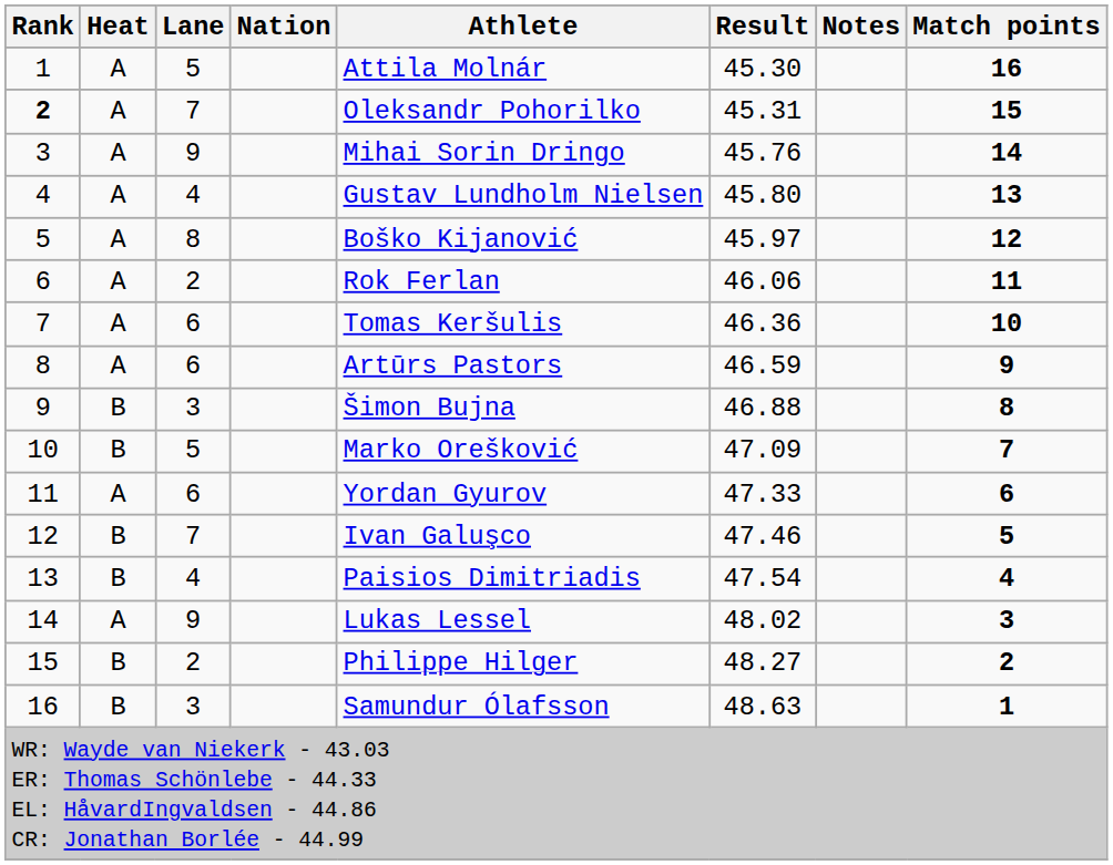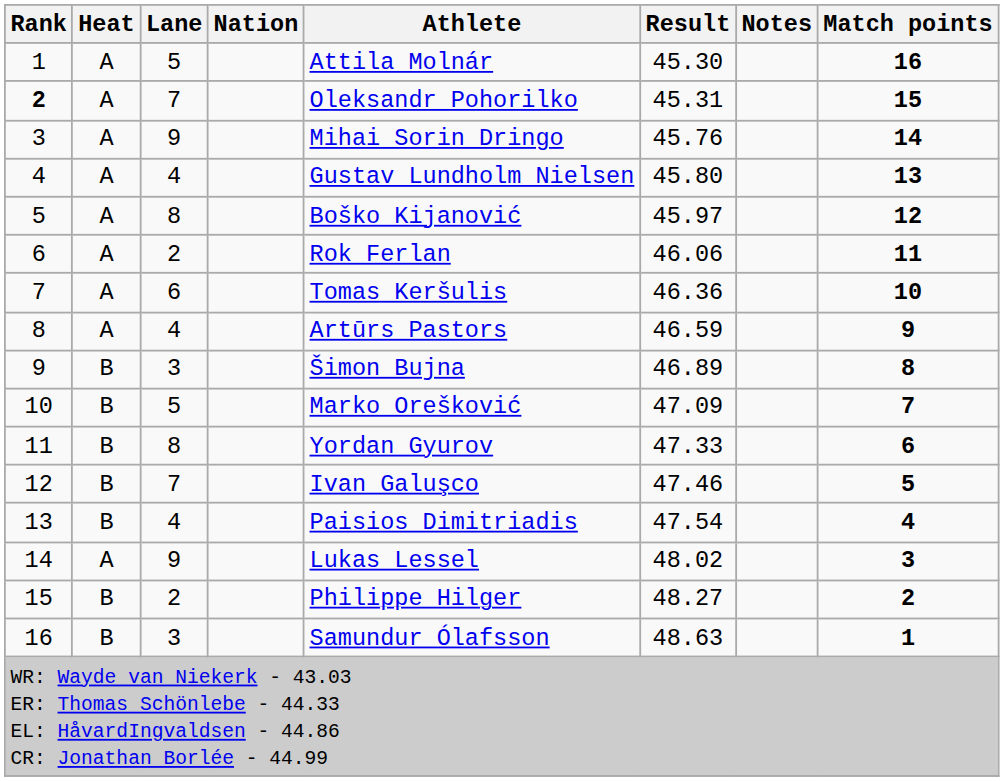 <table class="wikitable sortable" style="text-align:left;">
 <tr>
 <th>Rank</th>
 <th>Heat</th>
 <th>Lane</th>
 <th>Nation</th>
 <th>Athlete</th>
 <th>Result</th>
 <th>Notes</th>
 <th>Match points</th>
 </tr>
 <tr>
 <td align=center>1</td>
 <td align=center>A</td>
 <td align=center>5</td>
 <td></td>
 <td><a href='#'>Attila Molnár</a></td>
 <td align=center>45.30</td>
 <td align=center></td>
 <td align=center><strong>16</strong></td>
 </tr>
 <tr>
 <td align=center><strong>2</strong></td>
 <td align=center>A</td>
 <td align=center>7</td>
 <td></td>
 <td><a href='#'>Oleksandr Pohorilko</a></td>
 <td align=center>45.31</td>
 <td align=center></td>
 <td align=center><strong>15</strong></td>
 </tr>
 <tr>
 <td align=center>3</td>
 <td align=center>A</td>
 <td align=center>9</td>
 <td></td>
 <td><a href='#'>Mihai Sorin Dringo</a></td>
 <td align=center>45.76</td>
 <td align=center></td>
 <td align=center><strong>14</strong></td>
 </tr>
 <tr>
 <td align=center>4</td>
 <td align=center>A</td>
 <td align=center>4</td>
 <td></td>
 <td><a href='#'>Gustav Lundholm Nielsen</a></td>
 <td align=center>45.80</td>
 <td align=center></td>
 <td align=center><strong>13</strong></td>
 </tr>
 <tr>
 <td align=center>5</td>
 <td align=center>A</td>
 <td align=center>8</td>
 <td></td>
 <td><a href='#'>Boško Kijanović</a></td>
 <td align=center>45.97</td>
 <td></td>
 <td align=center><strong>12</strong></td>
 </tr>
 <tr>
 <td align=center>6</td>
 <td align=center>A</td>
 <td align=center>2</td>
 <td></td>
 <td><a href='#'>Rok Ferlan</a></td>
 <td align=center>46.06</td>
 <td align=center></td>
 <td align=center><strong>11</strong></td>
 </tr>
 <tr>
 <td align=center>7</td>
 <td align=center>A</td>
 <td align=center>6</td>
 <td></td>
 <td><a href='#'>Tomas Keršulis</a></td>
 <td align=center>46.36</td>
 <td></td>
 <td align=center><strong>10</strong></td>
 </tr>
 <tr>
 <td align=center>8</td>
 <td align=center>A</td>
-<td align=center>6</td>
+<td align=center>4</td>
 <td></td>
 <td><a href='#'>Artūrs Pastors</a></td>
 <td align=center>46.59</td>
 <td align=center></td>
 <td align=center><strong>9</strong></td>
 </tr>
 <tr>
 <td align=center>9</td>
 <td align=center>B</td>
 <td align=center>3</td>
 <td></td>
 <td><a href='#'>Šimon Bujna</a></td>
-<td align=center>46.88</td>
+<td align=center>46.89</td>
 <td></td>
 <td align=center><strong>8</strong></td>
 </tr>
 <tr>
 <td align=center>10</td>
 <td align=center>B</td>
 <td align=center>5</td>
 <td></td>
 <td><a href='#'>Marko Orešković</a></td>
 <td align=center>47.09</td>
 <td></td>
 <td align=center><strong>7</strong></td>
 </tr>
 <tr>
 <td align=center>11</td>
-<td align=center>A</td>
-<td align=center>6</td>
+<td align=center>B</td>
+<td align=center>8</td>
 <td></td>
 <td><a href='#'>Yordan Gyurov</a></td>
 <td align=center>47.33</td>
 <td align=center></td>
 <td align=center><strong>6</strong></td>
 </tr>
 <tr>
 <td align=center>12</td>
 <td align=center>B</td>
 <td align=center>7</td>
 <td></td>
 <td><a href='#'>Ivan Galuşco</a></td>
 <td align=center>47.46</td>
 <td></td>
 <td align=center><strong>5</strong></td>
 </tr>
 <tr>
 <td align=center>13</td>
 <td align=center>B</td>
 <td align=center>4</td>
 <td></td>
 <td><a href='#'>Paisios Dimitriadis</a></td>
 <td align=center>47.54</td>
 <td align=center></td>
 <td align=center><strong>4</strong></td>
 </tr>
 <tr>
 <td align=center>14</td>
 <td align=center>A</td>
 <td align=center>9</td>
 <td></td>
 <td><a href='#'>Lukas Lessel</a></td>
 <td align=center>48.02</td>
 <td></td>
 <td align=center><strong>3</strong></td>
 </tr>
 <tr>
 <td align=center>15</td>
 <td align=center>B</td>
 <td align=center>2</td>
 <td></td>
 <td><a href='#'>Philippe Hilger</a></td>
 <td align=center>48.27</td>
 <td align=center></td>
 <td align=center><strong>2</strong></td>
 </tr>
 <tr>
 <td align=center>16</td>
 <td align=center>B</td>
 <td align=center>3</td>
 <td></td>
 <td><a href='#'>Samundur Ólafsson</a></td>
 <td align=center>48.63</td>
 <td align=center></td>
 <td align=center><strong>1</strong></td>
 </tr>
 <tr>
 <td colspan="8" bgcolor="#cccccc"><small>WR:  <a href='#'>Wayde van Niekerk</a> - 43.03<br>ER:  <a href='#'>Thomas Schönlebe</a> - 44.33<br></small><small>EL:   <a href='#'>HåvardIngvaldsen</a> - 44.86<br>CR:  <a href='#'>Jonathan Borlée</a> - 44.99</small></td>
 </tr>
 </table>
